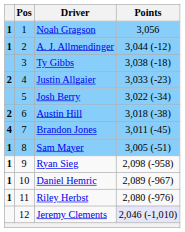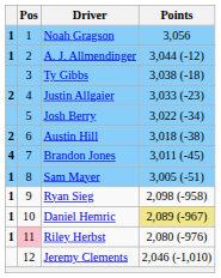 <table class="wikitable" style="font-size: 95%;">
 <tr>
 <th></th>
 <th>Pos</th>
 <th>Driver</th>
 <th>Points</th>
 </tr>
 <tr style="background:#87CEFA;">
 <td align="left"> <strong>1</strong></td>
 <td style="text-align:center;">1</td>
 <td><a href='#'>Noah Gragson</a></td>
 <td style="text-align:center;">3,056</td>
 </tr>
 <tr style="background:#87CEFA;">
 <td align="left"> <strong>1</strong></td>
 <td style="text-align:center;">2</td>
 <td><a href='#'>A. J. Allmendinger</a></td>
 <td style="text-align:center;">3,044 (-12)</td>
 </tr>
 <tr style="background:#87CEFA;">
 <td align="left"></td>
 <td style="text-align:center;">3</td>
 <td><a href='#'>Ty Gibbs</a></td>
 <td style="text-align:center;">3,038 (-18)</td>
 </tr>
 <tr style="background:#87CEFA;">
 <td align="left"> <strong>2</strong></td>
 <td style="text-align:center;">4</td>
 <td><a href='#'>Justin Allgaier</a></td>
 <td style="text-align:center;">3,033 (-23)</td>
 </tr>
 <tr style="background:#87CEFA;">
 <td align="left"></td>
 <td style="text-align:center;">5</td>
 <td><a href='#'>Josh Berry</a></td>
 <td style="text-align:center;">3,022 (-34)</td>
 </tr>
 <tr style="background:#87CEFA;">
 <td align="left"> <strong>2</strong></td>
 <td style="text-align:center;">6</td>
 <td><a href='#'>Austin Hill</a></td>
 <td style="text-align:center;">3,018 (-38)</td>
 </tr>
 <tr style="background:#87CEFA;">
 <td align="left"> <strong>4</strong></td>
 <td style="text-align:center;">7</td>
 <td><a href='#'>Brandon Jones</a></td>
 <td style="text-align:center;">3,011 (-45)</td>
 </tr>
 <tr style="background:#87CEFA;">
 <td align="left"> <strong>1</strong></td>
 <td style="text-align:center;">8</td>
 <td><a href='#'>Sam Mayer</a></td>
 <td style="text-align:center;">3,005 (-51)</td>
 </tr>
 <tr>
 <td align="left"> <strong>1</strong></td>
 <td style="text-align:center;">9</td>
 <td><a href='#'>Ryan Sieg</a></td>
 <td style="text-align:center;">2,098 (-958)</td>
 </tr>
 <tr>
 <td align="left"> <strong>1</strong></td>
 <td style="text-align:center;">10</td>
 <td><a href='#'>Daniel Hemric</a></td>
-<td style="text-align:center;">2,089 (-967)</td>
+<td style="background: khaki; text-align:center;">2,089 (-967)</td>
 </tr>
 <tr>
 <td align="left"> <strong>1</strong></td>
-<td style="text-align:center;">11</td>
+<td style="background: pink; text-align:center;">11</td>
 <td><a href='#'>Riley Herbst</a></td>
 <td style="text-align:center;">2,080 (-976)</td>
 </tr>
 <tr>
 <td align="left"></td>
 <td style="text-align:center;">12</td>
 <td><a href='#'>Jeremy Clements</a></td>
-<td style="background: lavender; text-align:center;">2,046 (-1,010)</td>
+<td style="text-align:center;">2,046 (-1,010)</td>
 </tr>
 <tr class="sortbottom">
 <th colspan="9"></th>
 </tr>
 </table>
